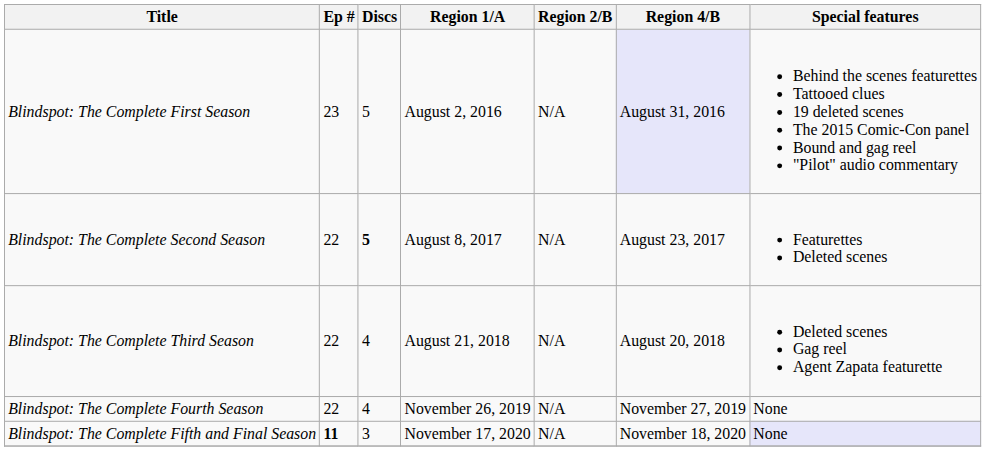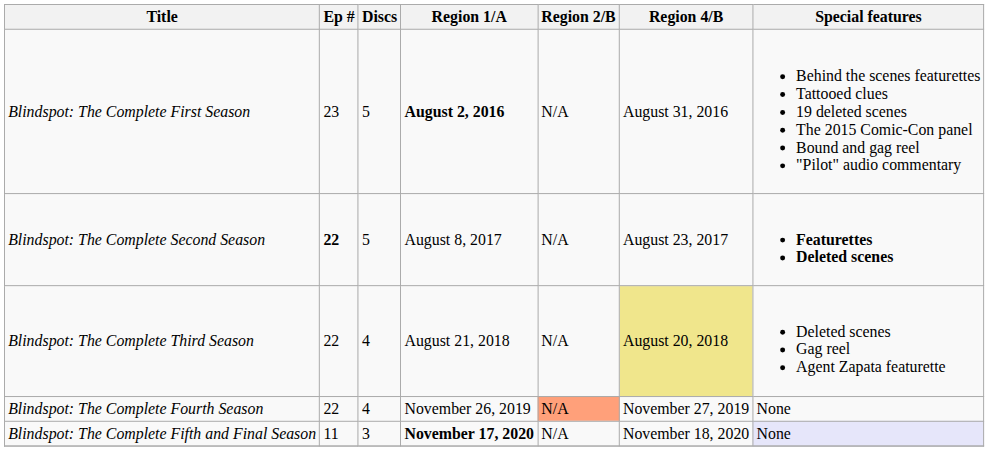 <table class="wikitable">
 <tr>
 <th>Title</th>
 <th>Ep #</th>
 <th>Discs</th>
 <th>Region 1/A</th>
 <th>Region 2/B</th>
 <th>Region 4/B</th>
 <th>Special features</th>
 </tr>
 <tr>
 <td><em>Blindspot: The Complete First Season</em></td>
 <td>23</td>
 <td>5</td>
-<td>August 2, 2016</td>
+<td><strong>August 2, 2016</strong></td>
 <td>N/A</td>
-<td style="background: lavender;">August 31, 2016</td>
+<td>August 31, 2016</td>
 <td><br><ul><li>Behind the scenes featurettes</li><li>Tattooed clues</li><li>19 deleted scenes</li><li>The 2015 Comic-Con panel</li><li>Bound and gag reel</li><li>"Pilot" audio commentary</li></ul></td>
 </tr>
 <tr>
 <td><em>Blindspot: The Complete Second Season</em></td>
-<td>22</td>
-<td><strong>5</strong></td>
+<td><strong>22</strong></td>
+<td>5</td>
 <td>August 8, 2017</td>
 <td>N/A</td>
 <td>August 23, 2017</td>
-<td><br><ul><li>Featurettes</li><li>Deleted scenes</li></ul></td>
+<td><strong><br><ul><li>Featurettes</li><li>Deleted scenes</li></ul></strong></td>
 </tr>
 <tr>
 <td><em>Blindspot: The Complete Third Season</em></td>
 <td>22</td>
 <td>4</td>
 <td>August 21, 2018</td>
 <td>N/A</td>
-<td>August 20, 2018</td>
+<td style="background: khaki;">August 20, 2018</td>
 <td><br><ul><li>Deleted scenes</li><li>Gag reel</li><li>Agent Zapata featurette</li></ul></td>
 </tr>
 <tr>
 <td><em>Blindspot: The Complete Fourth Season</em></td>
 <td>22</td>
 <td>4</td>
 <td>November 26, 2019</td>
-<td>N/A</td>
+<td style="background: lightsalmon;">N/A</td>
 <td>November 27, 2019</td>
 <td>None</td>
 </tr>
 <tr>
 <td><em>Blindspot: The Complete Fifth and Final Season</em></td>
-<td><strong>11</strong></td>
+<td>11</td>
 <td>3</td>
-<td>November 17, 2020</td>
+<td><strong>November 17, 2020</strong></td>
 <td>N/A</td>
 <td>November 18, 2020</td>
 <td style="background: lavender;">None</td>
 </tr>
 <tr>
 </tr>
 </table>
